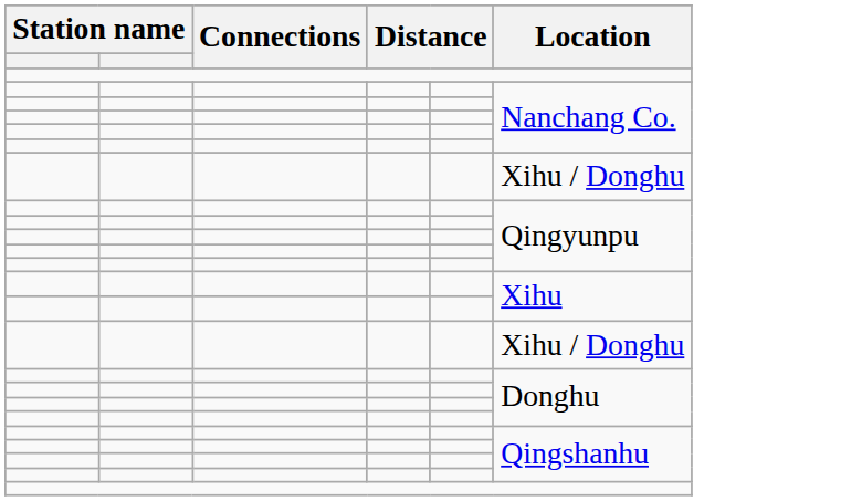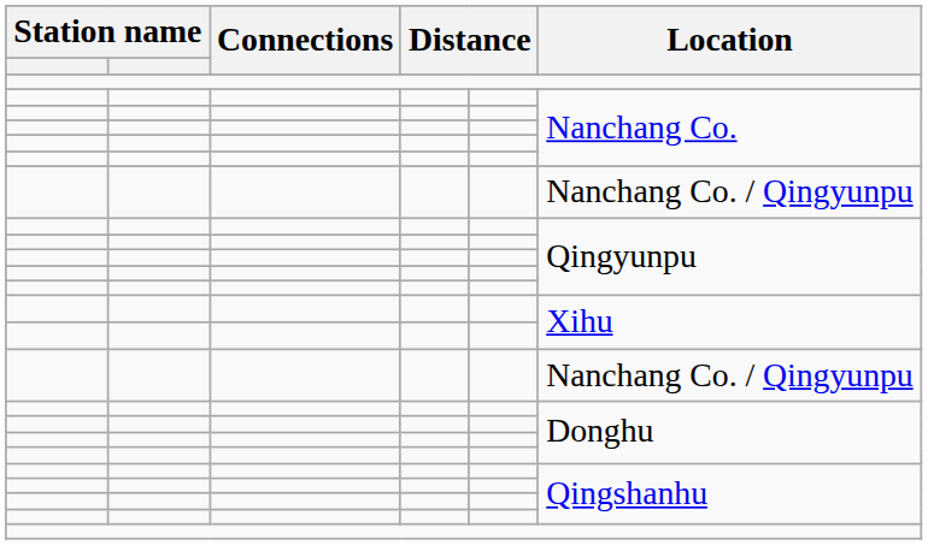 <table class="wikitable">
 <tr>
 <th colspan="2">Station name</th>
 <th rowspan="2">Connections</th>
 <th colspan="2" rowspan="2">Distance<br></th>
 <th rowspan="2">Location</th>
 </tr>
 <tr>
 <th></th>
 <th></th>
 </tr>
 <tr style="background:#">
 <td colspan="6"></td>
 </tr>
 <tr>
 <td></td>
 <td></td>
 <td></td>
 <td></td>
 <td></td>
 <td rowspan="5"><a href='#'>Nanchang Co.</a></td>
 </tr>
 <tr>
 <td></td>
 <td></td>
 <td></td>
 <td></td>
 <td></td>
 </tr>
 <tr>
 <td></td>
 <td></td>
 <td></td>
 <td></td>
 <td></td>
 </tr>
 <tr>
 <td></td>
 <td></td>
 <td></td>
 <td></td>
 <td></td>
 </tr>
 <tr>
 <td></td>
 <td></td>
 <td></td>
 <td></td>
 <td></td>
 </tr>
 <tr>
 <td></td>
 <td></td>
 <td></td>
 <td></td>
 <td></td>
-<td>Xihu / <a href='#'>Donghu</a></td>
+<td>Nanchang Co. / <a href='#'>Qingyunpu</a></td>
 </tr>
 <tr>
 <td></td>
 <td></td>
 <td></td>
 <td></td>
 <td></td>
 <td rowspan="5">Qingyunpu</td>
 </tr>
 <tr>
 <td></td>
 <td></td>
 <td></td>
 <td></td>
 <td></td>
 </tr>
 <tr>
 <td></td>
 <td></td>
 <td></td>
 <td></td>
 <td></td>
 </tr>
 <tr>
 <td></td>
 <td></td>
 <td></td>
 <td></td>
 <td></td>
 </tr>
 <tr>
 <td></td>
 <td></td>
 <td></td>
 <td></td>
 <td></td>
 </tr>
 <tr>
 <td></td>
 <td></td>
 <td></td>
 <td></td>
 <td></td>
 <td rowspan="2"><a href='#'>Xihu</a></td>
 </tr>
 <tr>
 <td></td>
 <td></td>
 <td></td>
 <td></td>
 <td></td>
 </tr>
 <tr>
 <td></td>
 <td></td>
 <td></td>
 <td></td>
 <td></td>
-<td>Xihu / <a href='#'>Donghu</a></td>
+<td>Nanchang Co. / <a href='#'>Qingyunpu</a></td>
 </tr>
 <tr>
 <td></td>
 <td></td>
 <td></td>
 <td></td>
 <td></td>
 <td rowspan="4">Donghu</td>
 </tr>
 <tr>
 <td></td>
 <td></td>
 <td></td>
 <td></td>
 <td></td>
 </tr>
 <tr>
 <td></td>
 <td></td>
 <td></td>
 <td></td>
 <td></td>
 </tr>
 <tr>
 <td></td>
 <td></td>
 <td></td>
 <td></td>
 <td></td>
 </tr>
 <tr>
 <td></td>
 <td></td>
 <td></td>
 <td></td>
 <td></td>
 <td rowspan="4"><a href='#'>Qingshanhu</a></td>
 </tr>
 <tr>
 <td></td>
 <td></td>
 <td></td>
 <td></td>
 <td></td>
 </tr>
 <tr>
 <td></td>
 <td></td>
 <td></td>
 <td></td>
 <td></td>
 </tr>
 <tr>
 <td></td>
 <td></td>
 <td></td>
 <td></td>
 <td></td>
 </tr>
 <tr style="background:#">
 <td colspan="6"></td>
 </tr>
 </table>
